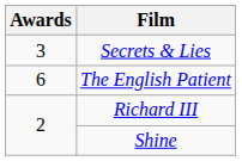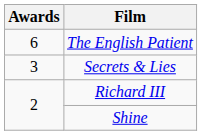 <table class="wikitable" style="text-align:center;">
 <tr>
 <th style="background:">Awards</th>
 <th style="background:">Film</th>
 </tr>
 <tr>
+<td>6</td>
+<td><em><a href='#'>The English Patient</a></em></td>
+</tr>
+<tr>
 <td>3</td>
 <td><em><a href='#'>Secrets & Lies</a></em></td>
-</tr>
-<tr>
-<td>6</td>
-<td><em><a href='#'>The English Patient</a></em></td>
 </tr>
 <tr>
 <td rowspan="2">2</td>
 <td><em><a href='#'>Richard III</a></em></td>
 </tr>
 <tr>
 <td><em><a href='#'>Shine</a></em></td>
 </tr>
 </table>
